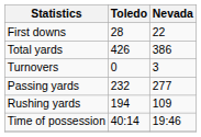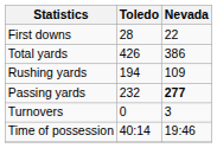 <table class="wikitable">
 <tr>
 <th>Statistics</th>
 <th>Toledo</th>
 <th>Nevada</th>
 </tr>
 <tr>
 <td>First downs</td>
 <td>28</td>
 <td>22</td>
 </tr>
 <tr>
 <td>Total yards</td>
 <td>426</td>
 <td>386</td>
 </tr>
 <tr>
-<td>Turnovers</td>
-<td>0</td>
-<td>3</td>
+<td>Rushing yards</td>
+<td>194</td>
+<td>109</td>
 </tr>
 <tr>
 <td>Passing yards</td>
 <td>232</td>
-<td>277</td>
+<td><strong>277</strong></td>
 </tr>
 <tr>
-<td>Rushing yards</td>
-<td>194</td>
-<td>109</td>
+<td>Turnovers</td>
+<td>0</td>
+<td>3</td>
 </tr>
 <tr>
 <td>Time of possession</td>
 <td>40:14</td>
 <td>19:46</td>
 </tr>
 <tr>
 </tr>
 </table>
